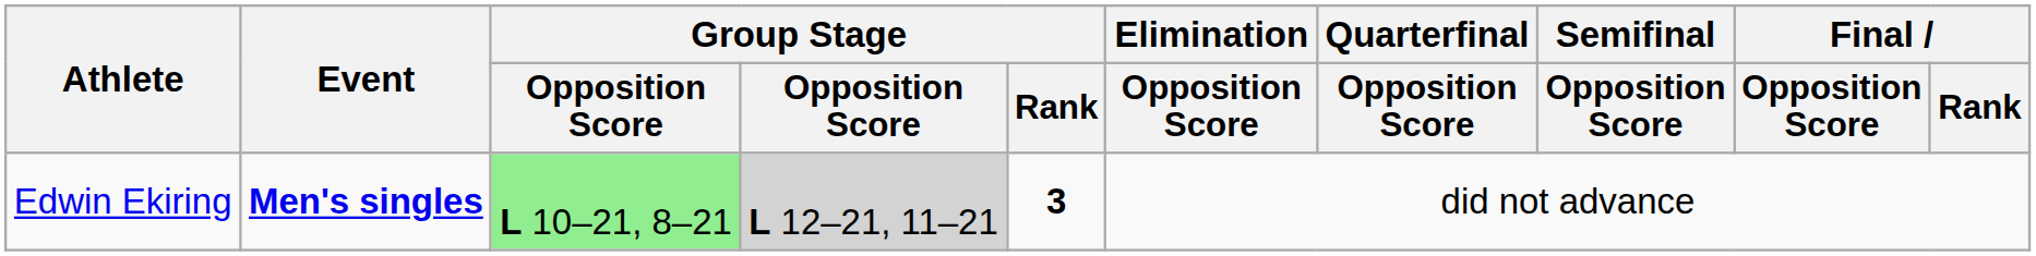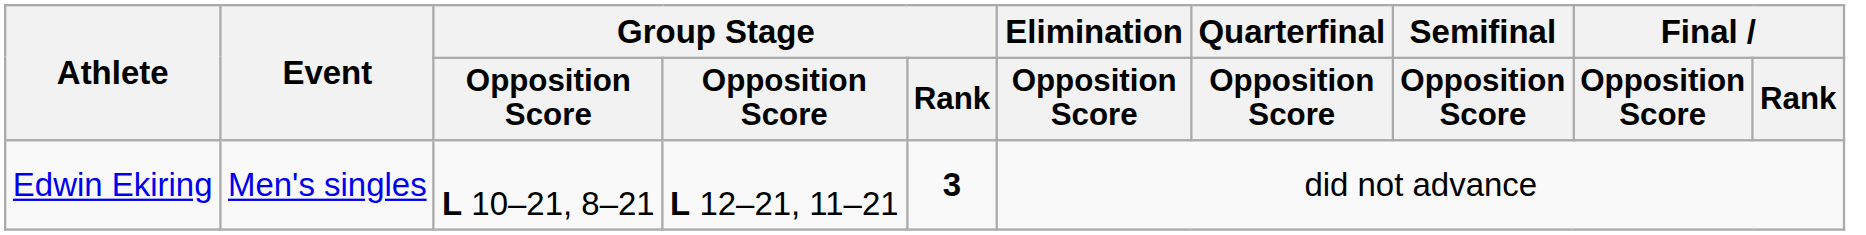 <table class="wikitable" style="text-align:left; font-size:90%">
 <tr>
 <th rowspan=2>Athlete</th>
 <th rowspan=2>Event</th>
 <th colspan=3>Group Stage</th>
 <th>Elimination</th>
 <th>Quarterfinal</th>
 <th>Semifinal</th>
 <th colspan=2>Final / </th>
 </tr>
 <tr style="font-size:95%">
 <th>Opposition<br>Score</th>
 <th>Opposition<br>Score</th>
 <th>Rank</th>
 <th>Opposition<br>Score</th>
 <th>Opposition<br>Score</th>
 <th>Opposition<br>Score</th>
 <th>Opposition<br>Score</th>
 <th>Rank</th>
 </tr>
 <tr align=center>
 <td align=left><a href='#'>Edwin Ekiring</a></td>
-<td align=left><strong><a href='#'>Men's singles</a></strong></td>
-<td style="background: lightgreen;"><br><strong>L</strong> 10–21, 8–21</td>
-<td style="background: lightgrey;"><br><strong>L</strong> 12–21, 11–21</td>
+<td align=left><a href='#'>Men's singles</a></td>
+<td><br><strong>L</strong> 10–21, 8–21</td>
+<td><br><strong>L</strong> 12–21, 11–21</td>
 <td><strong>3</strong></td>
 <td colspan=5>did not advance</td>
 </tr>
 </table>
